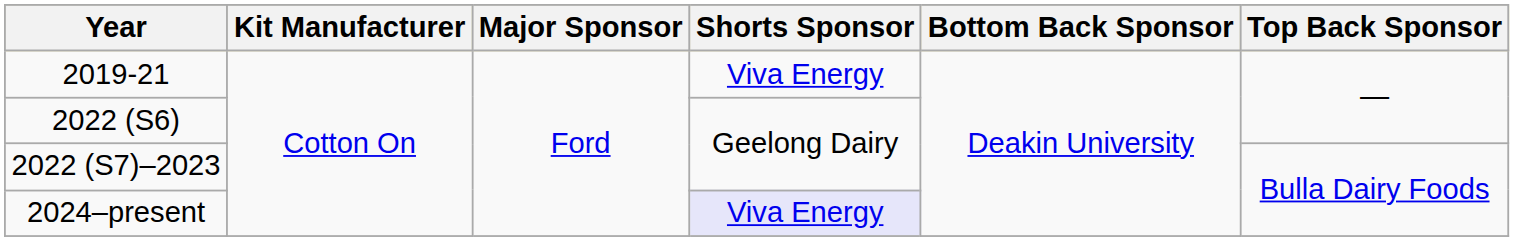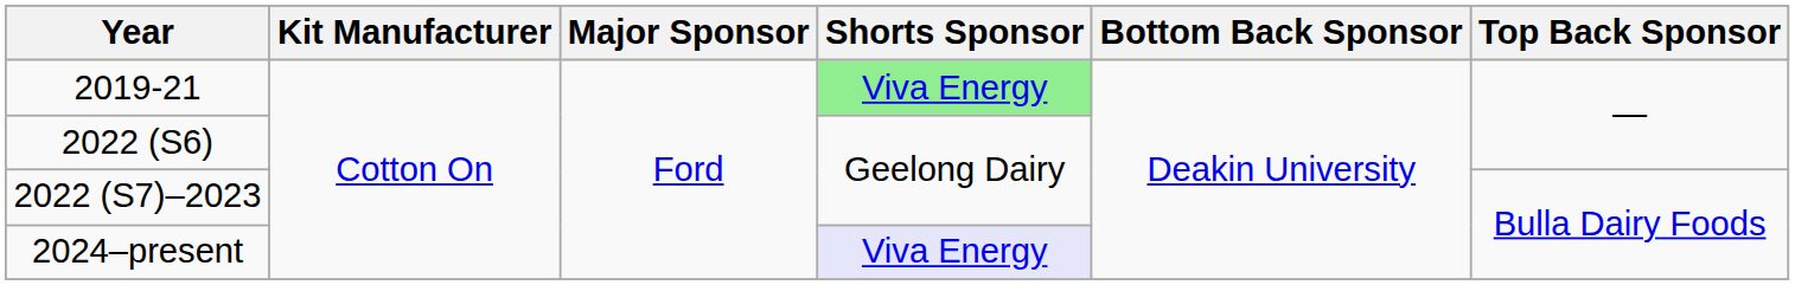 <table class="wikitable sortable" style="text-align:center">
 <tr style="background:#bdb76b;">
 <th>Year</th>
 <th>Kit Manufacturer</th>
 <th>Major Sponsor</th>
 <th>Shorts Sponsor</th>
 <th>Bottom Back Sponsor</th>
 <th>Top Back Sponsor</th>
 </tr>
 <tr>
 <td>2019-21</td>
 <td rowspan="4"><a href='#'>Cotton On</a></td>
 <td rowspan="4"><a href='#'>Ford</a></td>
-<td><a href='#'>Viva Energy</a></td>
+<td style="background: lightgreen;"><a href='#'>Viva Energy</a></td>
 <td rowspan="4"><a href='#'>Deakin University</a></td>
 <td rowspan="2">—</td>
 </tr>
 <tr>
 <td>2022 (S6)</td>
 <td rowspan="2">Geelong Dairy</td>
 </tr>
 <tr>
 <td>2022 (S7)–2023</td>
 <td rowspan="2"><a href='#'>Bulla Dairy Foods</a></td>
 </tr>
 <tr>
 <td>2024–present</td>
 <td style="background: lavender;"><a href='#'>Viva Energy</a></td>
 </tr>
 </table>
